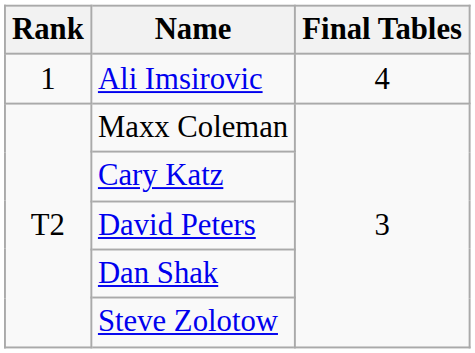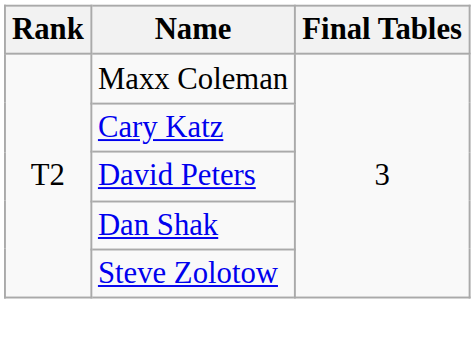 <table class="wikitable" style="display: inline-table;">
 <tr>
 <th>Rank</th>
 <th>Name</th>
 <th>Final Tables</th>
-</tr>
-<tr>
-<td align=center>1</td>
-<td> <a href='#'>Ali Imsirovic</a></td>
-<td align=center>4</td>
 </tr>
 <tr>
 <td rowspan=5 align=center>T2</td>
 <td> Maxx Coleman</td>
 <td rowspan=5 align=center>3</td>
 </tr>
 <tr>
 <td> <a href='#'>Cary Katz</a></td>
 </tr>
 <tr>
 <td> <a href='#'>David Peters</a></td>
 </tr>
 <tr>
 <td> <a href='#'>Dan Shak</a></td>
 </tr>
 <tr>
 <td> <a href='#'>Steve Zolotow</a></td>
 </tr>
 </table>
